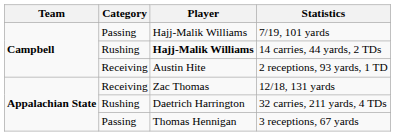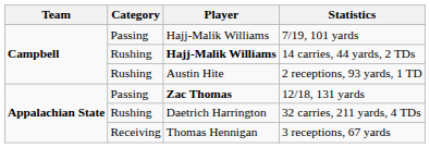 <table class="wikitable" style="float: left;">
 <tr>
 <th>Team</th>
 <th>Category</th>
 <th>Player</th>
 <th>Statistics</th>
 </tr>
 <tr>
 <td rowspan=3><strong>Campbell</strong></td>
 <td>Passing</td>
 <td>Hajj-Malik Williams</td>
 <td>7/19, 101 yards</td>
 </tr>
 <tr>
 <td>Rushing</td>
 <td><strong>Hajj-Malik Williams</strong></td>
 <td>14 carries, 44 yards, 2 TDs</td>
 </tr>
 <tr>
-<td>Receiving</td>
+<td>Rushing</td>
 <td>Austin Hite</td>
 <td>2 receptions, 93 yards, 1 TD</td>
 </tr>
 <tr>
 <td rowspan=3><strong>Appalachian State</strong></td>
-<td>Receiving</td>
-<td>Zac Thomas</td>
+<td>Passing</td>
+<td><strong>Zac Thomas</strong></td>
 <td>12/18, 131 yards</td>
 </tr>
 <tr>
 <td>Rushing</td>
 <td>Daetrich Harrington</td>
 <td>32 carries, 211 yards, 4 TDs</td>
 </tr>
 <tr>
-<td>Passing</td>
+<td>Receiving</td>
 <td>Thomas Hennigan</td>
 <td>3 receptions, 67 yards</td>
 </tr>
 </table>
